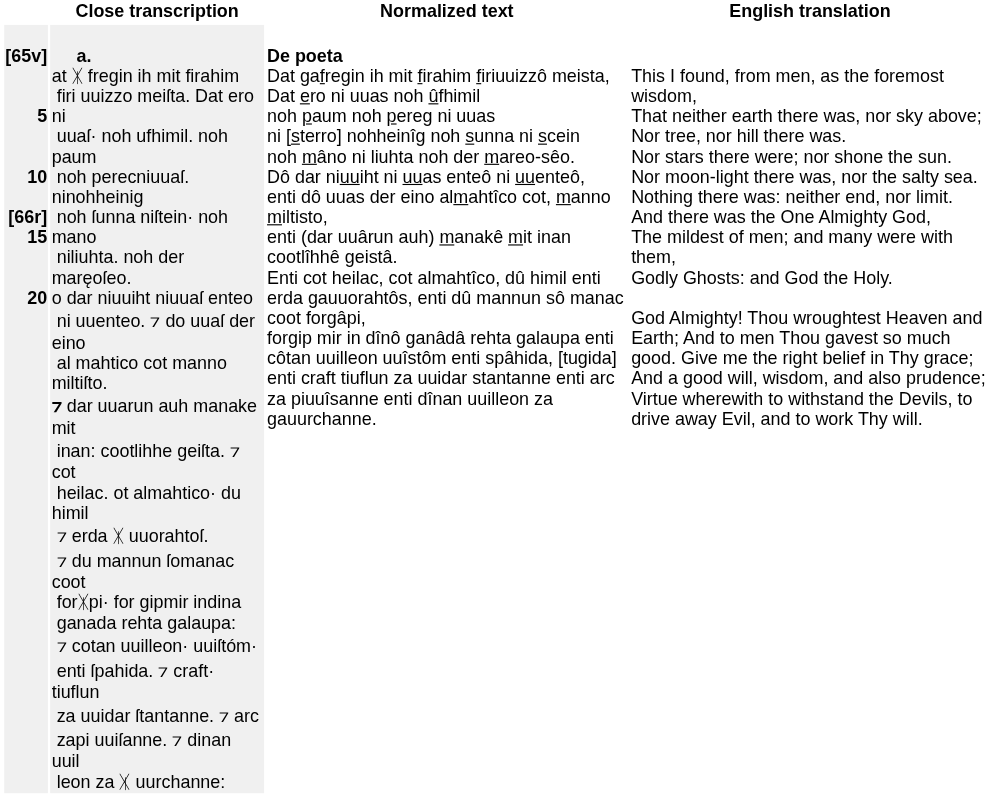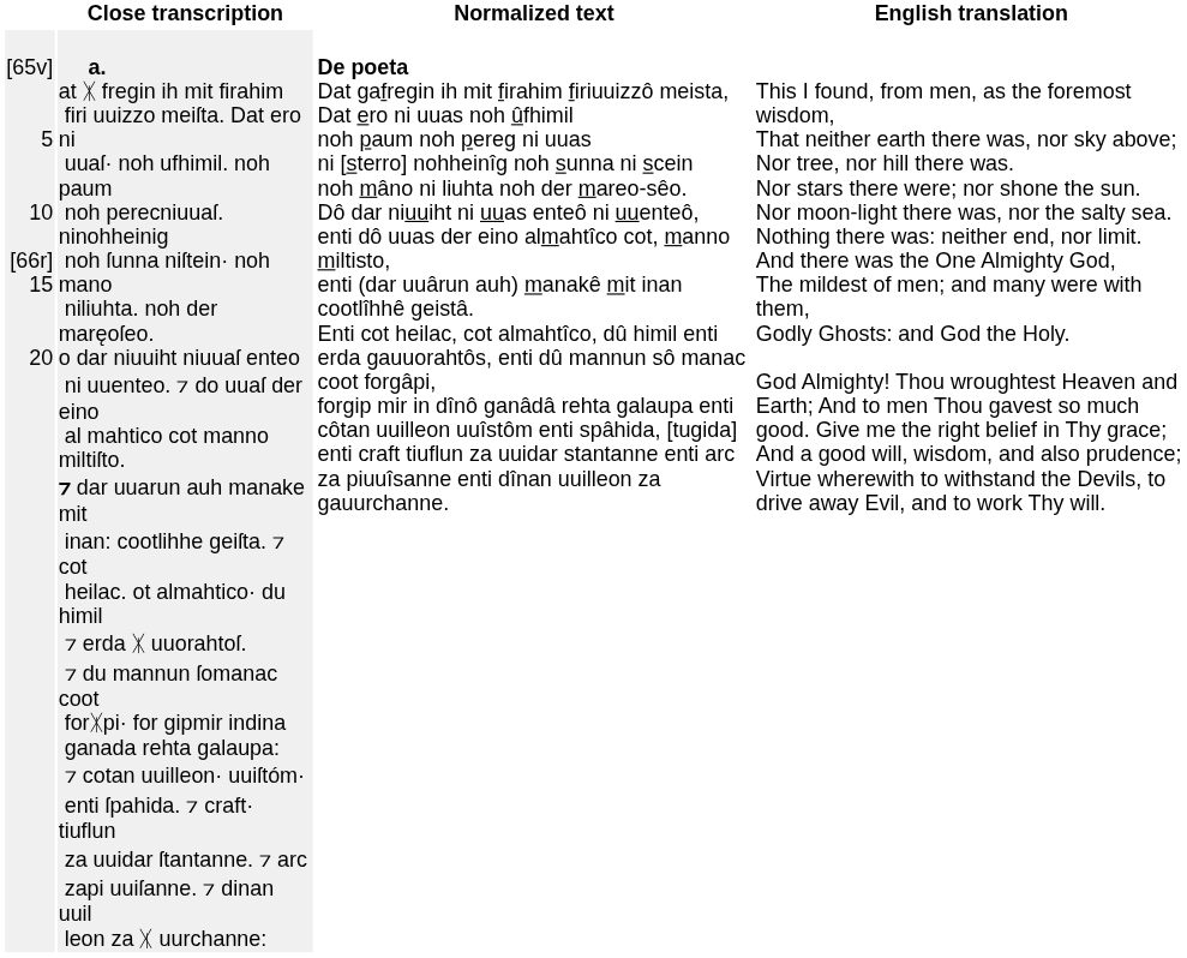 <table>
 <tr>
 <th></th>
 <th>Close transcription</th>
 <th>Normalized text</th>
 <th>English translation</th>
 </tr>
 <tr>
-<td valign="top" align="right" width=15 bgcolor=#F0F0F0><strong><br>[65v]<br><br> <br> 5<br><br> <br> 10<br><br> [66r]<br> 15<br><br> <br> 20</strong></td>
+<td valign="top" align="right" width=15 bgcolor=#F0F0F0><br>[65v]<br><br> <br> 5<br><br> <br> 10<br><br> [66r]<br> 15<br><br> <br> 20</td>
 <td valign="top" width=200 bgcolor=#F0F0F0><br>     <strong>a.</strong><br> at &#x16B7;&#x20D2; fregin ih mit firahim<br>  firi uuizzo meiſta. Dat ero ni<br>  uuaſ· noh ufhimil. noh paum<br>  noh perecniuuaſ. ninohheinig<br>  noh ſunna niſtein· noh mano<br>  niliuhta. noh der maręoſeo.<br> o dar niuuiht niuuaſ enteo<br>  ni uuenteo. ⁊ do uuaſ der eino<br>  al mahtico cot manno miltiſto.<br> <strong>⁊</strong> dar uuarun auh manake mit<br>  inan: cootlihhe geiſta. ⁊ cot<br>  heilac. ot almahtico· du himil<br>  ⁊ erda &#x16B7;&#x20D2; uuorahtoſ.<br>  ⁊ du mannun ſomanac coot<br>  for&#x16B7;&#x20D2;pi· for gipmir indina<br>  ganada rehta galaupa:<br>  ⁊ cotan uuilleon· uuiſtóm·<br>  enti ſpahida. ⁊ craft· tiuflun<br>  za uuidar ſtantanne. ⁊ arc<br>  zapi uuiſanne. ⁊ dinan uuil<br>  leon za &#x16B7;&#x20D2; uurchanne:</td>
 <td valign="top" width=350><br><strong>De poeta</strong><br> Dat ga<u>f</u>regin ih mit <u>f</u>irahim <u>f</u>iriuuizzô meista,<br> Dat <u>e</u>ro ni uuas noh <u>û</u>fhimil<br> noh <u>p</u>aum noh <u>p</u>ereg ni uuas<br> ni [<u>s</u>terro] nohheinîg noh <u>s</u>unna ni <u>s</u>cein<br> noh <u>m</u>âno ni liuhta noh der <u>m</u>areo-sêo.<br> Dô dar ni<u>uu</u>iht ni <u>uu</u>as enteô ni <u>uu</u>enteô,<br> enti dô uuas der eino al<u>m</u>ahtîco cot, <u>m</u>anno <u>m</u>iltisto,<br> enti (dar uuârun auh) <u>m</u>anakê <u>m</u>it inan cootlîhhê geistâ.<br>Enti cot heilac, cot almahtîco, dû himil enti erda gauuorahtôs, enti dû mannun sô manac coot forgâpi, <br> forgip mir in dînô ganâdâ rehta galaupa enti côtan uuilleon uuîstôm enti spâhida, [tugida] enti craft tiuflun za uuidar stantanne enti arc za piuuîsanne enti dînan uuilleon za gauurchanne.</td>
 <td valign="top" width=350><br>  <br> This I found, from men, as the foremost wisdom,<br> That neither earth there was, nor sky above;<br> Nor tree, nor hill there was.<br> Nor stars there were; nor shone the sun.<br> Nor moon-light there was, nor the salty sea.<br> Nothing there was: neither end, nor limit.<br> And there was the One Almighty God,<br> The mildest of men; and many were with them,<br> Godly Ghosts: and God the Holy.<br> <br> God Almighty! Thou wroughtest Heaven and Earth; And to men Thou gavest so much good. Give me the right belief in Thy grace; And a good will, wisdom, and also prudence; Virtue wherewith to withstand the Devils, to drive away Evil, and to work Thy will.</td>
 </tr>
 <tr --->
 </tr>
 </table>
